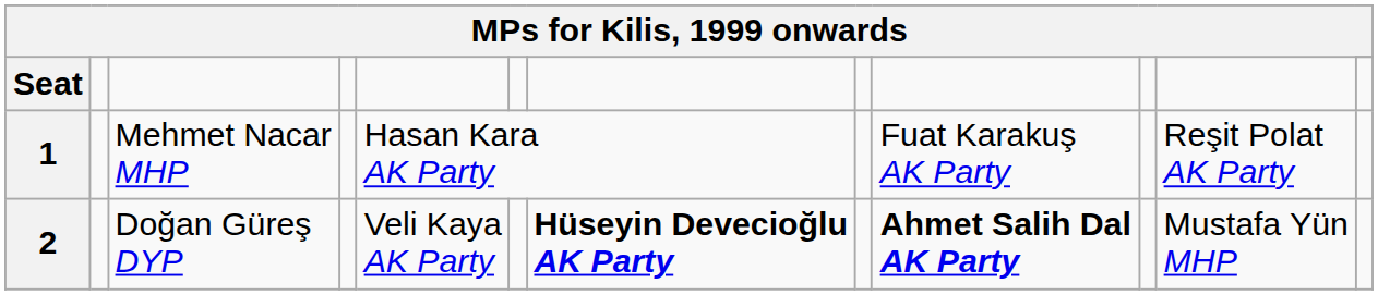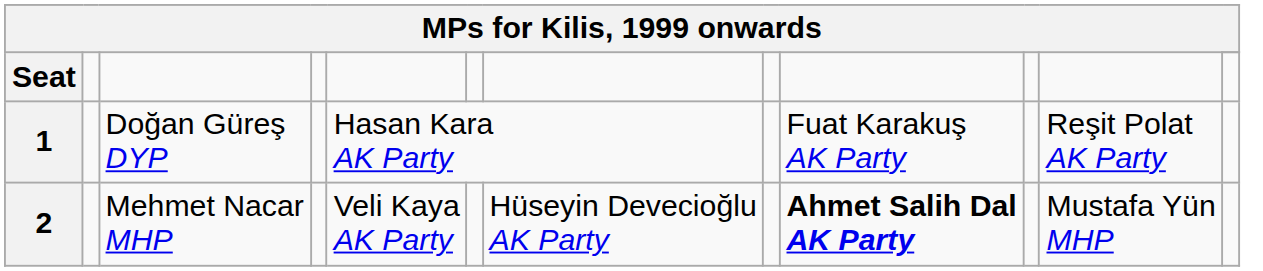 <table class="wikitable">
 <tr>
 <th colspan = 12>MPs for Kilis, 1999 onwards</th>
 </tr>
 <tr>
 <th rowspan = 2>Seat</th>
 <td rowspan="2" style="width:1px;"></td>
 <td rowspan = 2></td>
 <td rowspan="2" style="width:1px;"></td>
 <td rowspan = 2></td>
 <td rowspan="2" style="width:1px;"></td>
 <td rowspan = 2></td>
 <td rowspan="2" style="width:1px;"></td>
 <td rowspan = 2></td>
 <td rowspan="2" style="width:1px;"></td>
 <td rowspan = 2></td>
 </tr>
 <tr>
 <td></td>
 </tr>
 <tr>
 <th>1</th>
 <td width=1px style="background-color: "></td>
-<td colspan = 1>Mehmet Nacar<br><em><a href='#'>MHP</a></em></td>
+<td colspan = 1>Doğan Güreş<br><em><a href='#'>DYP</a></em></td>
 <td width=1px style="background-color: "></td>
 <td colspan = 3>Hasan Kara<br><em><a href='#'>AK Party</a></em></td>
 <td width=1px style="background-color: "></td>
 <td colspan = 1>Fuat Karakuş<br><em><a href='#'>AK Party</a></em></td>
 <td width=1px style="background-color: "></td>
 <td colspan = 1>Reşit Polat<br><em><a href='#'>AK Party</a></em></td>
 <td width=1px style="background-color: "></td>
 </tr>
 <tr>
 <th>2</th>
 <td width=1px style="background-color: "></td>
-<td colspan = 1>Doğan Güreş<br><em><a href='#'>DYP</a></em></td>
+<td colspan = 1>Mehmet Nacar<br><em><a href='#'>MHP</a></em></td>
 <td width=1px style="background-color: "></td>
 <td colspan = 1>Veli Kaya<br><em><a href='#'>AK Party</a></em></td>
 <td width=1px style="background-color: "></td>
-<td colspan = 1><strong>Hüseyin Devecioğlu<br><em><a href='#'>AK Party</a></em></strong></td>
+<td colspan = 1>Hüseyin Devecioğlu<br><em><a href='#'>AK Party</a></em></td>
 <td width=1px style="background-color: "></td>
 <td colspan = 1><strong>Ahmet Salih Dal<br><em><a href='#'>AK Party</a></em></strong></td>
 <td width=1px style="background-color: "></td>
 <td colspan = 1>Mustafa Yün<br><em><a href='#'>MHP</a></em></td>
 <td width=1px style="background-color: "></td>
 </tr>
 </table>
